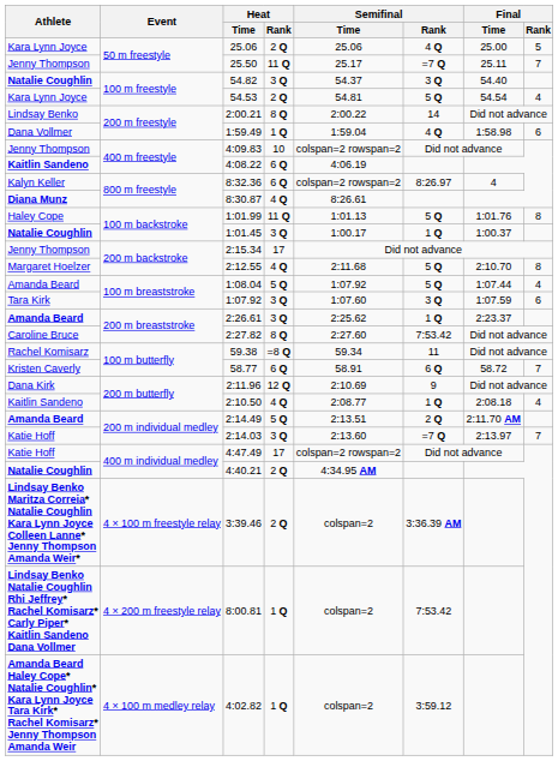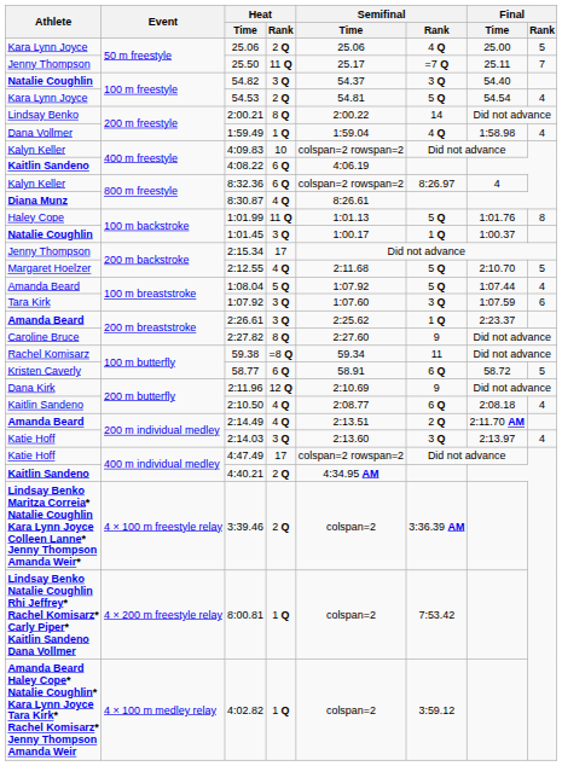 <table class=wikitable style=font-size:90%;text-align:center>
 <tr>
 <th rowspan=2>Athlete</th>
 <th rowspan=2>Event</th>
 <th colspan=2>Heat</th>
 <th colspan=2>Semifinal</th>
 <th colspan=2>Final</th>
 </tr>
 <tr style=font-size:95%>
 <th>Time</th>
 <th>Rank</th>
 <th>Time</th>
 <th>Rank</th>
 <th>Time</th>
 <th>Rank</th>
 </tr>
 <tr>
 <td align=left><a href='#'>Kara Lynn Joyce</a></td>
 <td align=left rowspan=2><a href='#'>50 m freestyle</a></td>
 <td>25.06</td>
 <td>2 <strong>Q</strong></td>
 <td>25.06</td>
 <td>4 <strong>Q</strong></td>
 <td>25.00</td>
 <td>5</td>
 </tr>
 <tr>
 <td align=left><a href='#'>Jenny Thompson</a></td>
 <td>25.50</td>
 <td>11 <strong>Q</strong></td>
 <td>25.17</td>
 <td>=7 <strong>Q</strong></td>
 <td>25.11</td>
 <td>7</td>
 </tr>
 <tr>
 <td align=left><strong><a href='#'>Natalie Coughlin</a></strong></td>
 <td align=left rowspan=2><a href='#'>100 m freestyle</a></td>
 <td>54.82</td>
 <td>3 <strong>Q</strong></td>
 <td>54.37</td>
 <td>3 <strong>Q</strong></td>
 <td>54.40</td>
 <td></td>
 </tr>
 <tr>
 <td align=left><a href='#'>Kara Lynn Joyce</a></td>
 <td>54.53</td>
 <td>2 <strong>Q</strong></td>
 <td>54.81</td>
 <td>5 <strong>Q</strong></td>
 <td>54.54</td>
 <td>4</td>
 </tr>
 <tr>
 <td align=left><a href='#'>Lindsay Benko</a></td>
 <td align=left rowspan=2><a href='#'>200 m freestyle</a></td>
 <td>2:00.21</td>
 <td>8 <strong>Q</strong></td>
 <td>2:00.22</td>
 <td>14</td>
 <td colspan=2>Did not advance</td>
 </tr>
 <tr>
 <td align=left><a href='#'>Dana Vollmer</a></td>
 <td>1:59.49</td>
 <td>1 <strong>Q</strong></td>
 <td>1:59.04</td>
 <td>4 <strong>Q</strong></td>
 <td>1:58.98</td>
-<td>6</td>
+<td>4</td>
 </tr>
 <tr>
-<td align=left><a href='#'>Jenny Thompson</a></td>
+<td align=left><a href='#'>Kalyn Keller</a></td>
 <td align=left rowspan=2><a href='#'>400 m freestyle</a></td>
 <td>4:09.83</td>
 <td>10</td>
 <td>colspan=2 rowspan=2 </td>
 <td colspan=2>Did not advance</td>
 </tr>
 <tr>
 <td align=left><strong><a href='#'>Kaitlin Sandeno</a></strong></td>
 <td>4:08.22</td>
 <td>6 <strong>Q</strong></td>
 <td>4:06.19</td>
 <td></td>
 </tr>
 <tr>
 <td align=left><a href='#'>Kalyn Keller</a></td>
 <td align=left rowspan=2><a href='#'>800 m freestyle</a></td>
 <td>8:32.36</td>
 <td>6 <strong>Q</strong></td>
 <td>colspan=2 rowspan=2 </td>
 <td>8:26.97</td>
 <td>4</td>
 </tr>
 <tr>
 <td align=left><strong><a href='#'>Diana Munz</a></strong></td>
 <td>8:30.87</td>
 <td>4 <strong>Q</strong></td>
 <td>8:26.61</td>
 <td></td>
 </tr>
 <tr>
 <td align=left><a href='#'>Haley Cope</a></td>
 <td align=left rowspan=2><a href='#'>100 m backstroke</a></td>
 <td>1:01.99</td>
 <td>11 <strong>Q</strong></td>
 <td>1:01.13</td>
 <td>5 <strong>Q</strong></td>
 <td>1:01.76</td>
 <td>8</td>
 </tr>
 <tr>
 <td align=left><strong><a href='#'>Natalie Coughlin</a></strong></td>
 <td>1:01.45</td>
 <td>3 <strong>Q</strong></td>
 <td>1:00.17 </td>
 <td>1 <strong>Q</strong></td>
 <td>1:00.37</td>
 <td></td>
 </tr>
 <tr>
 <td align=left><a href='#'>Jenny Thompson</a></td>
 <td align=left rowspan=2><a href='#'>200 m backstroke</a></td>
 <td>2:15.34</td>
 <td>17</td>
 <td colspan=4>Did not advance</td>
 </tr>
 <tr>
 <td align=left><a href='#'>Margaret Hoelzer</a></td>
 <td>2:12.55</td>
 <td>4 <strong>Q</strong></td>
 <td>2:11.68</td>
 <td>5 <strong>Q</strong></td>
 <td>2:10.70</td>
-<td>8</td>
+<td>5</td>
 </tr>
 <tr>
 <td align=left><a href='#'>Amanda Beard</a></td>
 <td align=left rowspan=2><a href='#'>100 m breaststroke</a></td>
 <td>1:08.04</td>
 <td>5 <strong>Q</strong></td>
 <td>1:07.92</td>
 <td>5 <strong>Q</strong></td>
 <td>1:07.44</td>
 <td>4</td>
 </tr>
 <tr>
 <td align=left><a href='#'>Tara Kirk</a></td>
 <td>1:07.92</td>
 <td>3 <strong>Q</strong></td>
 <td>1:07.60</td>
 <td>3 <strong>Q</strong></td>
 <td>1:07.59</td>
 <td>6</td>
 </tr>
 <tr>
 <td align=left><strong><a href='#'>Amanda Beard</a></strong></td>
 <td align=left rowspan=2><a href='#'>200 m breaststroke</a></td>
 <td>2:26.61</td>
 <td>3 <strong>Q</strong></td>
 <td>2:25.62</td>
 <td>1 <strong>Q</strong></td>
 <td>2:23.37 </td>
 <td></td>
 </tr>
 <tr>
 <td align=left><a href='#'>Caroline Bruce</a></td>
 <td>2:27.82</td>
 <td>8 <strong>Q</strong></td>
 <td>2:27.60</td>
-<td>7:53.42 </td>
+<td>9</td>
 <td colspan=2>Did not advance</td>
 </tr>
 <tr>
 <td align=left><a href='#'>Rachel Komisarz</a></td>
 <td align=left rowspan=2><a href='#'>100 m butterfly</a></td>
 <td>59.38</td>
 <td>=8 <strong>Q</strong></td>
 <td>59.34</td>
 <td>11</td>
 <td colspan=2>Did not advance</td>
 </tr>
 <tr>
 <td align=left><a href='#'>Kristen Caverly</a></td>
 <td>58.77</td>
 <td>6 <strong>Q</strong></td>
 <td>58.91</td>
 <td>6 <strong>Q</strong></td>
 <td>58.72</td>
-<td>7</td>
+<td>5</td>
 </tr>
 <tr>
 <td align=left><a href='#'>Dana Kirk</a></td>
 <td align=left rowspan=2><a href='#'>200 m butterfly</a></td>
 <td>2:11.96</td>
 <td>12 <strong>Q</strong></td>
 <td>2:10.69</td>
 <td>9</td>
 <td colspan=2>Did not advance</td>
 </tr>
 <tr>
 <td align=left><a href='#'>Kaitlin Sandeno</a></td>
 <td>2:10.50</td>
 <td>4 <strong>Q</strong></td>
 <td>2:08.77</td>
-<td>1 <strong>Q</strong></td>
+<td>6 <strong>Q</strong></td>
 <td>2:08.18</td>
 <td>4</td>
 </tr>
 <tr>
 <td align=left><strong><a href='#'>Amanda Beard</a></strong></td>
 <td align=left rowspan=2><a href='#'>200 m individual medley</a></td>
 <td>2:14.49</td>
-<td>5 <strong>Q</strong></td>
+<td>4 <strong>Q</strong></td>
 <td>2:13.51</td>
 <td>2 <strong>Q</strong></td>
 <td>2:11.70 <strong><a href='#'>AM</a></strong></td>
 <td></td>
 </tr>
 <tr>
 <td align=left><a href='#'>Katie Hoff</a></td>
 <td>2:14.03</td>
 <td>3 <strong>Q</strong></td>
 <td>2:13.60</td>
-<td>=7 <strong>Q</strong></td>
+<td>3 <strong>Q</strong></td>
 <td>2:13.97</td>
-<td>7</td>
+<td>4</td>
 </tr>
 <tr>
 <td align=left><a href='#'>Katie Hoff</a></td>
 <td align=left rowspan=2><a href='#'>400 m individual medley</a></td>
 <td>4:47.49</td>
 <td>17</td>
 <td>colspan=2 rowspan=2 </td>
 <td colspan=2>Did not advance</td>
 </tr>
 <tr>
-<td align=left><strong><a href='#'>Natalie Coughlin</a></strong></td>
+<td align=left><strong><a href='#'>Kaitlin Sandeno</a></strong></td>
 <td>4:40.21</td>
 <td>2 <strong>Q</strong></td>
 <td>4:34.95 <strong><a href='#'>AM</a></strong></td>
 <td></td>
 </tr>
 <tr>
 <td align=left><strong><a href='#'>Lindsay Benko</a><br><a href='#'>Maritza Correia</a>*<br><a href='#'>Natalie Coughlin</a><br><a href='#'>Kara Lynn Joyce</a><br><a href='#'>Colleen Lanne</a>*<br><a href='#'>Jenny Thompson</a><br><a href='#'>Amanda Weir</a>*</strong></td>
 <td align=left><a href='#'>4 × 100 m freestyle relay</a></td>
 <td>3:39.46</td>
 <td>2 <strong>Q</strong></td>
 <td>colspan=2 </td>
 <td>3:36.39 <strong><a href='#'>AM</a></strong></td>
 <td></td>
 </tr>
 <tr>
 <td align=left><strong><a href='#'>Lindsay Benko</a><br><a href='#'>Natalie Coughlin</a><br><a href='#'>Rhi Jeffrey</a>*<br><a href='#'>Rachel Komisarz</a>*<br><a href='#'>Carly Piper</a>*<br><a href='#'>Kaitlin Sandeno</a><br><a href='#'>Dana Vollmer</a></strong></td>
 <td align=left><a href='#'>4 × 200 m freestyle relay</a></td>
 <td>8:00.81</td>
 <td>1 <strong>Q</strong></td>
 <td>colspan=2 </td>
 <td>7:53.42 </td>
 <td></td>
 </tr>
 <tr>
 <td align=left><strong><a href='#'>Amanda Beard</a><br><a href='#'>Haley Cope</a>*<br><a href='#'>Natalie Coughlin</a>*<br><a href='#'>Kara Lynn Joyce</a><br><a href='#'>Tara Kirk</a>*<br><a href='#'>Rachel Komisarz</a>*<br><a href='#'>Jenny Thompson</a><br><a href='#'>Amanda Weir</a></strong></td>
 <td align=left><a href='#'>4 × 100 m medley relay</a></td>
 <td>4:02.82</td>
 <td>1 <strong>Q</strong></td>
 <td>colspan=2 </td>
 <td>3:59.12</td>
 <td></td>
 </tr>
 </table>
